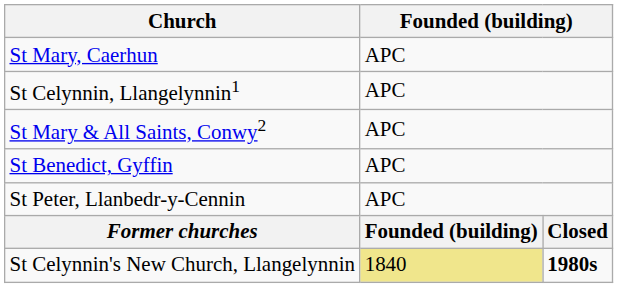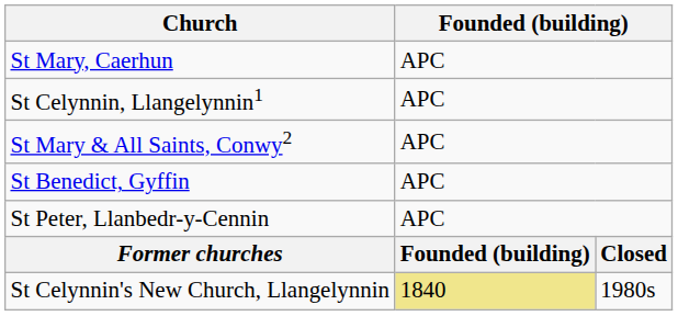 <table class="wikitable">
 <tr>
 <th>Church</th>
 <th colspan="2">Founded (building)</th>
 </tr>
 <tr>
 <td><a href='#'>St Mary, Caerhun</a></td>
 <td colspan="2">APC</td>
 </tr>
 <tr>
 <td>St Celynnin, Llangelynnin<sup>1</sup></td>
 <td colspan="2">APC</td>
 </tr>
 <tr>
 <td><a href='#'>St Mary & All Saints, Conwy</a><sup>2</sup></td>
 <td colspan="2">APC</td>
 </tr>
 <tr>
 <td><a href='#'>St Benedict, Gyffin</a></td>
 <td colspan="2">APC</td>
 </tr>
 <tr>
 <td>St Peter, Llanbedr-y-Cennin</td>
 <td colspan="2">APC</td>
 </tr>
 <tr>
 <th><em>Former churches</em></th>
 <th>Founded (building)</th>
 <th>Closed</th>
 </tr>
 <tr>
 <td>St Celynnin's New Church, Llangelynnin</td>
 <td style="background: khaki;">1840</td>
-<td><strong>1980s</strong></td>
+<td>1980s</td>
 </tr>
 </table>
